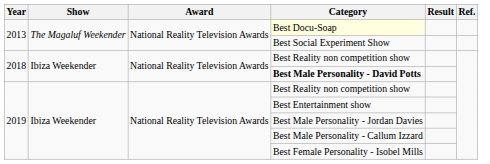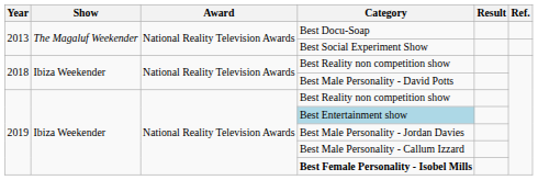 <table class="wikitable">
 <tr>
 <th>Year</th>
 <th>Show</th>
 <th>Award</th>
 <th>Category</th>
 <th>Result</th>
 <th>Ref.</th>
 </tr>
 <tr>
 <td rowspan="2">2013</td>
 <td rowspan="2"><em>The Magaluf Weekender</em></td>
 <td rowspan="2">National Reality Television Awards</td>
-<td style="background: lightyellow;">Best Docu-Soap</td>
+<td>Best Docu-Soap</td>
 <td></td>
 <td></td>
 </tr>
 <tr>
 <td>Best Social Experiment Show</td>
 <td></td>
 <td></td>
 </tr>
 <tr>
 <td rowspan="2">2018</td>
 <td rowspan="2">Ibiza Weekender</td>
 <td rowspan="2">National Reality Television Awards</td>
 <td>Best Reality non competition show</td>
 <td></td>
 </tr>
 <tr>
-<td><strong>Best Male Personality - David Potts</strong></td>
+<td>Best Male Personality - David Potts</td>
 <td></td>
 </tr>
 <tr>
 <td rowspan="5">2019</td>
 <td rowspan="5">Ibiza Weekender</td>
 <td rowspan="5">National Reality Television Awards</td>
 <td>Best Reality non competition show</td>
 <td></td>
 </tr>
 <tr>
-<td>Best Entertainment show</td>
+<td style="background: lightblue;">Best Entertainment show</td>
 <td></td>
 </tr>
 <tr>
 <td>Best Male Personality - Jordan Davies</td>
 <td></td>
 </tr>
 <tr>
 <td>Best Male Personality - Callum Izzard</td>
 <td></td>
 </tr>
 <tr>
-<td>Best Female Personality - Isobel Mills</td>
+<td><strong>Best Female Personality - Isobel Mills</strong></td>
 <td></td>
 </tr>
 </table>
